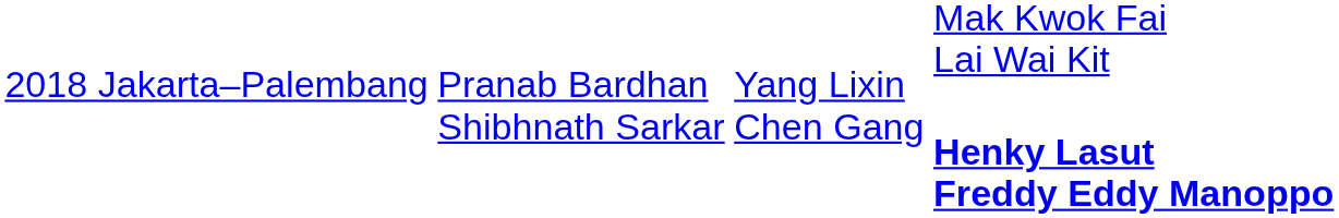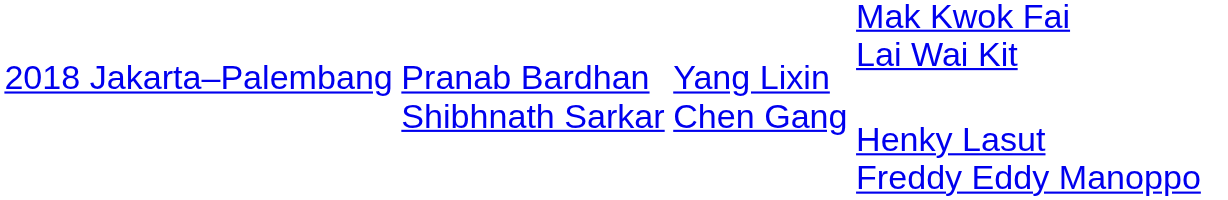 <table>
 <tr>
 <td rowspan=2><a href='#'>2018 Jakarta–Palembang</a></td>
 <td rowspan=2><br><a href='#'>Pranab Bardhan</a><br><a href='#'>Shibhnath Sarkar</a></td>
 <td rowspan=2><br><a href='#'>Yang Lixin</a><br><a href='#'>Chen Gang</a></td>
 <td><br><a href='#'>Mak Kwok Fai</a><br><a href='#'>Lai Wai Kit</a></td>
 </tr>
 <tr>
-<td><strong><br><a href='#'>Henky Lasut</a><br><a href='#'>Freddy Eddy Manoppo</a></strong></td>
+<td><br><a href='#'>Henky Lasut</a><br><a href='#'>Freddy Eddy Manoppo</a></td>
 </tr>
 </table>
